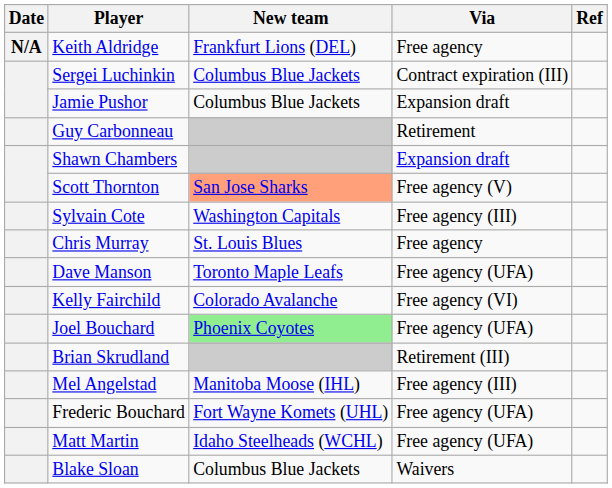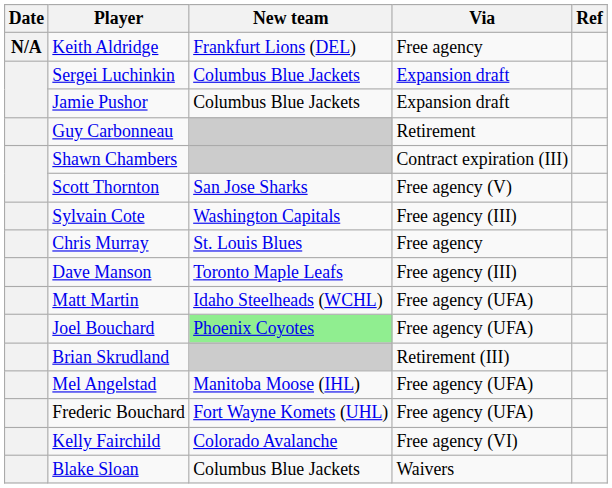 <table class="wikitable plainrowheaders">
 <tr style="background:#ddd; text-align:center;">
 <th>Date</th>
 <th>Player</th>
 <th>New team</th>
 <th>Via</th>
 <th>Ref</th>
 </tr>
 <tr>
 <th scope="row">N/A</th>
 <td><a href='#'>Keith Aldridge</a></td>
 <td><a href='#'>Frankfurt Lions</a> (<a href='#'>DEL</a>)</td>
 <td>Free agency</td>
 <td></td>
 </tr>
 <tr>
 <th scope="row" rowspan=2></th>
 <td><a href='#'>Sergei Luchinkin</a></td>
 <td><a href='#'>Columbus Blue Jackets</a></td>
-<td>Contract expiration (III)</td>
+<td><a href='#'>Expansion draft</a></td>
 <td></td>
 </tr>
 <tr>
 <td><a href='#'>Jamie Pushor</a></td>
 <td>Columbus Blue Jackets</td>
 <td>Expansion draft</td>
 <td></td>
 </tr>
 <tr>
 <th scope="row"></th>
 <td><a href='#'>Guy Carbonneau</a></td>
 <td style="background:#ccc"></td>
 <td>Retirement</td>
 <td></td>
 </tr>
 <tr>
 <th scope="row" rowspan=2></th>
 <td><a href='#'>Shawn Chambers</a></td>
 <td style="background:#ccc"></td>
-<td><a href='#'>Expansion draft</a></td>
+<td>Contract expiration (III)</td>
 <td></td>
 </tr>
 <tr>
 <td><a href='#'>Scott Thornton</a></td>
-<td style="background: lightsalmon;"><a href='#'>San Jose Sharks</a></td>
+<td><a href='#'>San Jose Sharks</a></td>
 <td>Free agency (V)</td>
 <td></td>
 </tr>
 <tr>
 <th scope="row"></th>
 <td><a href='#'>Sylvain Cote</a></td>
 <td><a href='#'>Washington Capitals</a></td>
 <td>Free agency (III)</td>
 <td></td>
 </tr>
 <tr>
 <th scope="row"></th>
 <td><a href='#'>Chris Murray</a></td>
 <td><a href='#'>St. Louis Blues</a></td>
 <td>Free agency</td>
 <td></td>
 </tr>
 <tr>
 <th scope="row"></th>
 <td><a href='#'>Dave Manson</a></td>
 <td><a href='#'>Toronto Maple Leafs</a></td>
-<td>Free agency (UFA)</td>
+<td>Free agency (III)</td>
 <td></td>
 </tr>
 <tr>
 <th scope="row"></th>
-<td><a href='#'>Kelly Fairchild</a></td>
-<td><a href='#'>Colorado Avalanche</a></td>
-<td>Free agency (VI)</td>
+<td><a href='#'>Matt Martin</a></td>
+<td><a href='#'>Idaho Steelheads</a> (<a href='#'>WCHL</a>)</td>
+<td>Free agency (UFA)</td>
 <td></td>
 </tr>
 <tr>
 <th scope="row"></th>
 <td><a href='#'>Joel Bouchard</a></td>
 <td style="background: lightgreen;"><a href='#'>Phoenix Coyotes</a></td>
 <td>Free agency (UFA)</td>
 <td></td>
 </tr>
 <tr>
 <th scope="row"></th>
 <td><a href='#'>Brian Skrudland</a></td>
 <td style="background:#ccc"></td>
 <td>Retirement (III)</td>
 <td></td>
 </tr>
 <tr>
 <th scope="row"></th>
 <td><a href='#'>Mel Angelstad</a></td>
 <td><a href='#'>Manitoba Moose</a> (<a href='#'>IHL</a>)</td>
-<td>Free agency (III)</td>
+<td>Free agency (UFA)</td>
 <td></td>
 </tr>
 <tr>
 <th scope="row"></th>
 <td>Frederic Bouchard</td>
 <td><a href='#'>Fort Wayne Komets</a> (<a href='#'>UHL</a>)</td>
 <td>Free agency (UFA)</td>
 <td></td>
 </tr>
 <tr>
 <th scope="row"></th>
-<td><a href='#'>Matt Martin</a></td>
-<td><a href='#'>Idaho Steelheads</a> (<a href='#'>WCHL</a>)</td>
-<td>Free agency (UFA)</td>
+<td><a href='#'>Kelly Fairchild</a></td>
+<td><a href='#'>Colorado Avalanche</a></td>
+<td>Free agency (VI)</td>
 <td></td>
 </tr>
 <tr>
 <th scope="row"></th>
 <td><a href='#'>Blake Sloan</a></td>
 <td>Columbus Blue Jackets</td>
 <td>Waivers</td>
 <td></td>
 </tr>
 </table>
